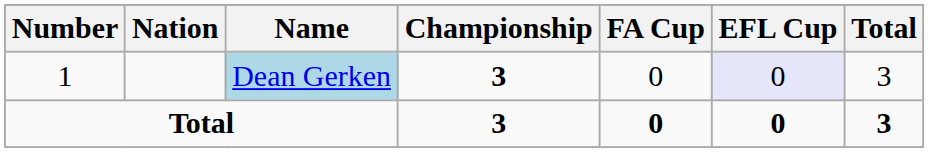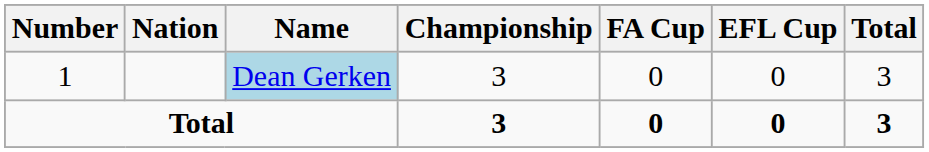 <table class="wikitable" style="text-align:center">
 <tr>
 <th width=0%>Number</th>
 <th width=0%>Nation</th>
 <th width=0%>Name</th>
 <th width=0%>Championship</th>
 <th width=0%>FA Cup</th>
 <th width=0%>EFL Cup</th>
 <th width=0%>Total</th>
 </tr>
 <tr>
 <td>1</td>
 <td></td>
 <td style="background: lightblue;"><a href='#'>Dean Gerken</a></td>
-<td><strong>3</strong></td>
+<td>3</td>
 <td>0</td>
-<td style="background: lavender;">0</td>
+<td>0</td>
 <td>3</td>
 </tr>
 <tr>
 <td colspan=3><strong>Total</strong></td>
 <td><strong>3</strong></td>
 <td><strong>0</strong></td>
 <td><strong>0</strong></td>
 <td><strong>3</strong></td>
 </tr>
 </table>
